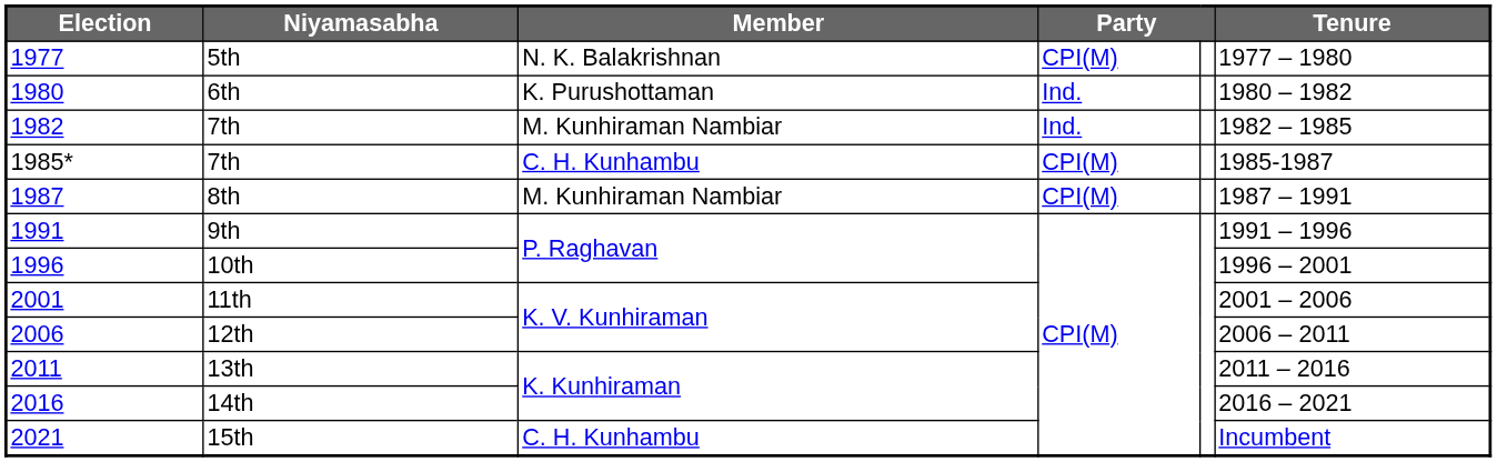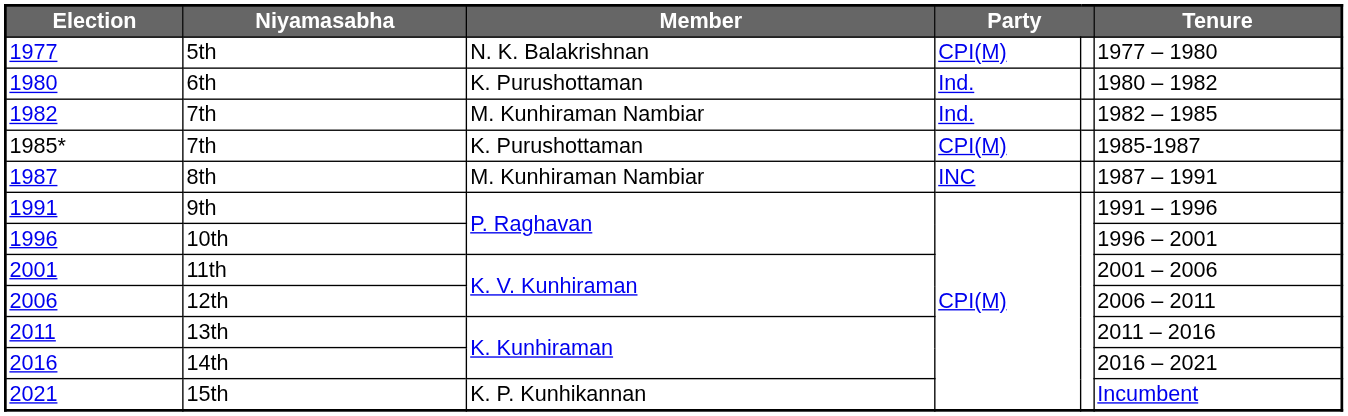 <table class="sortable" width="50%" cellpadding="2" cellspacing="0" border="1" style="border-collapse: collapse; border: 2px #000000 solid; font-size: x-big;">
 <tr>
 <th style="background-color:#666666; color:white">Election</th>
 <th style="background-color:#666666; color:white">Niyamasabha</th>
 <th style="background-color:#666666; color:white">Member</th>
 <th colspan="2" style="background-color:#666666; color:white">Party</th>
 <th style="background-color:#666666; color:white">Tenure</th>
 </tr>
 <tr>
 <td><a href='#'>1977</a></td>
 <td>5th</td>
 <td>N. K. Balakrishnan</td>
 <td><a href='#'>CPI(M)</a></td>
 <td style="background-color: "></td>
 <td>1977 – 1980</td>
 </tr>
 <tr>
 <td><a href='#'>1980</a></td>
 <td>6th</td>
 <td>K. Purushottaman</td>
 <td><a href='#'>Ind.</a></td>
 <td style="background-color: "></td>
 <td>1980 – 1982</td>
 </tr>
 <tr>
 <td><a href='#'>1982</a></td>
 <td>7th</td>
 <td>M. Kunhiraman Nambiar</td>
 <td><a href='#'>Ind.</a></td>
 <td style="background-color: "></td>
 <td>1982 – 1985</td>
 </tr>
 <tr>
 <td>1985*</td>
 <td>7th</td>
-<td><a href='#'>C. H. Kunhambu</a></td>
+<td>K. Purushottaman</td>
 <td><a href='#'>CPI(M)</a></td>
 <td style="background-color: "></td>
 <td>1985-1987</td>
 </tr>
 <tr>
 <td><a href='#'>1987</a></td>
 <td>8th</td>
 <td>M. Kunhiraman Nambiar</td>
-<td><a href='#'>CPI(M)</a></td>
+<td><a href='#'>INC</a></td>
 <td style="background-color: "></td>
 <td>1987 – 1991</td>
 </tr>
 <tr>
 <td><a href='#'>1991</a></td>
 <td>9th</td>
 <td rowspan="2"><a href='#'>P. Raghavan</a></td>
 <td rowspan="7"><a href='#'>CPI(M)</a></td>
 <td rowspan="7" style="background-color: "></td>
 <td>1991 – 1996</td>
 </tr>
 <tr>
 <td><a href='#'>1996</a></td>
 <td>10th</td>
 <td>1996 – 2001</td>
 </tr>
 <tr>
 <td><a href='#'>2001</a></td>
 <td>11th</td>
 <td rowspan="2"><a href='#'>K. V. Kunhiraman</a></td>
 <td>2001 – 2006</td>
 </tr>
 <tr>
 <td><a href='#'>2006</a></td>
 <td>12th</td>
 <td>2006 – 2011</td>
 </tr>
 <tr>
 <td><a href='#'>2011</a></td>
 <td>13th</td>
 <td rowspan="2"><a href='#'>K. Kunhiraman</a></td>
 <td>2011 – 2016</td>
 </tr>
 <tr>
 <td><a href='#'>2016</a></td>
 <td>14th</td>
 <td>2016 – 2021</td>
 </tr>
 <tr>
 <td><a href='#'>2021</a></td>
 <td>15th</td>
-<td><a href='#'>C. H. Kunhambu</a></td>
+<td>K. P. Kunhikannan</td>
 <td><a href='#'>Incumbent</a></td>
 </tr>
 </table>
